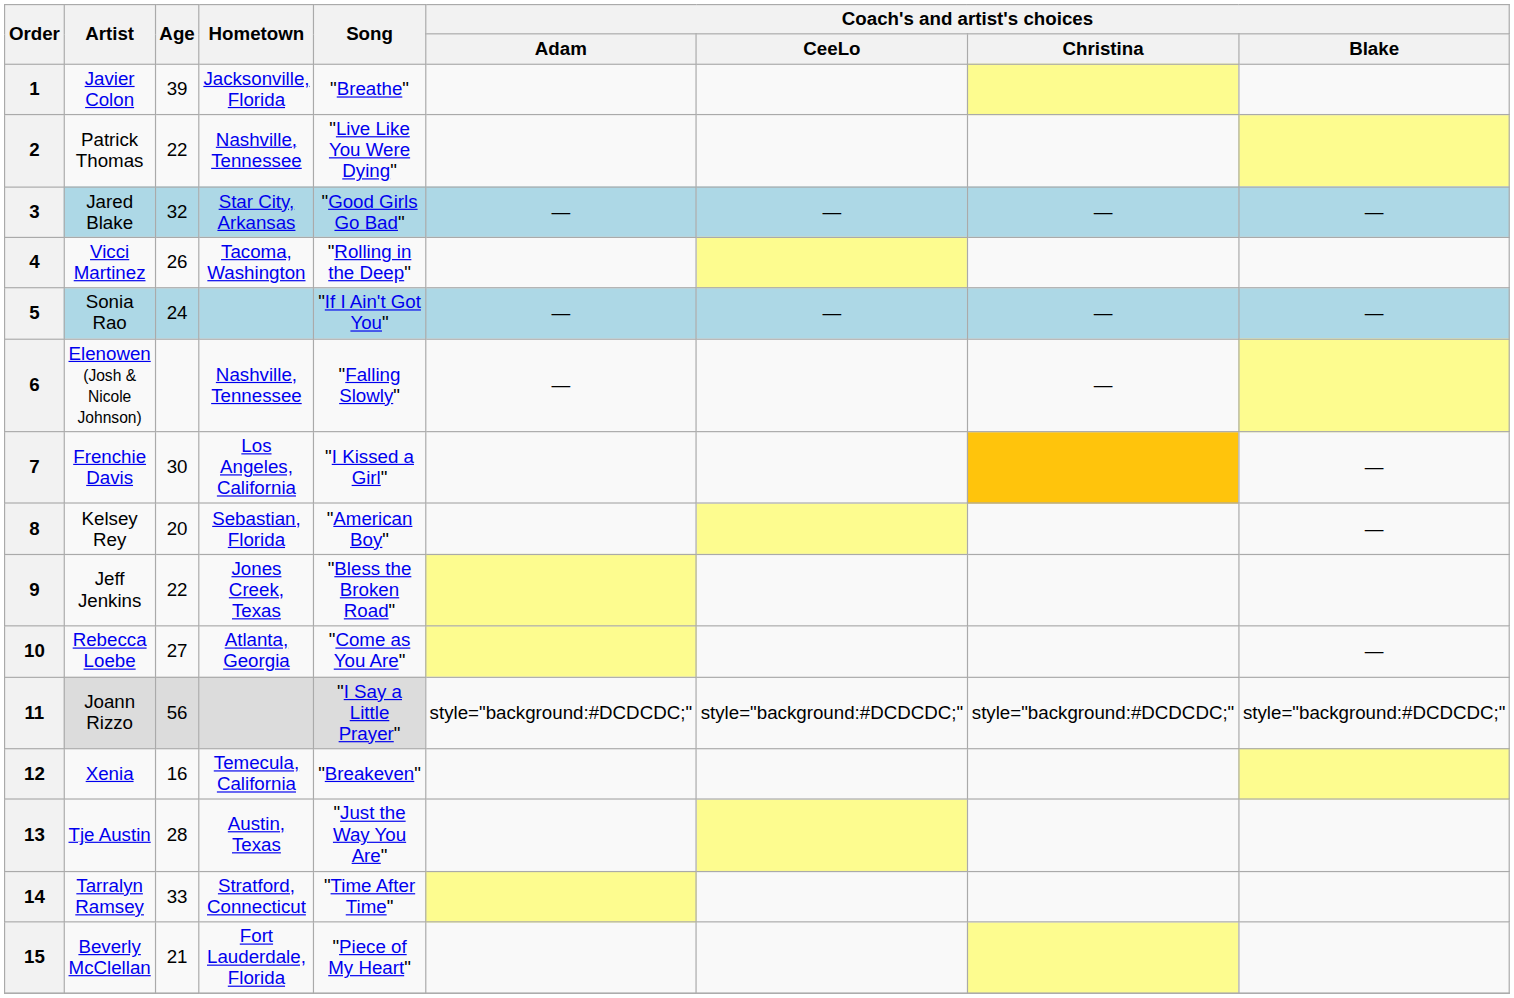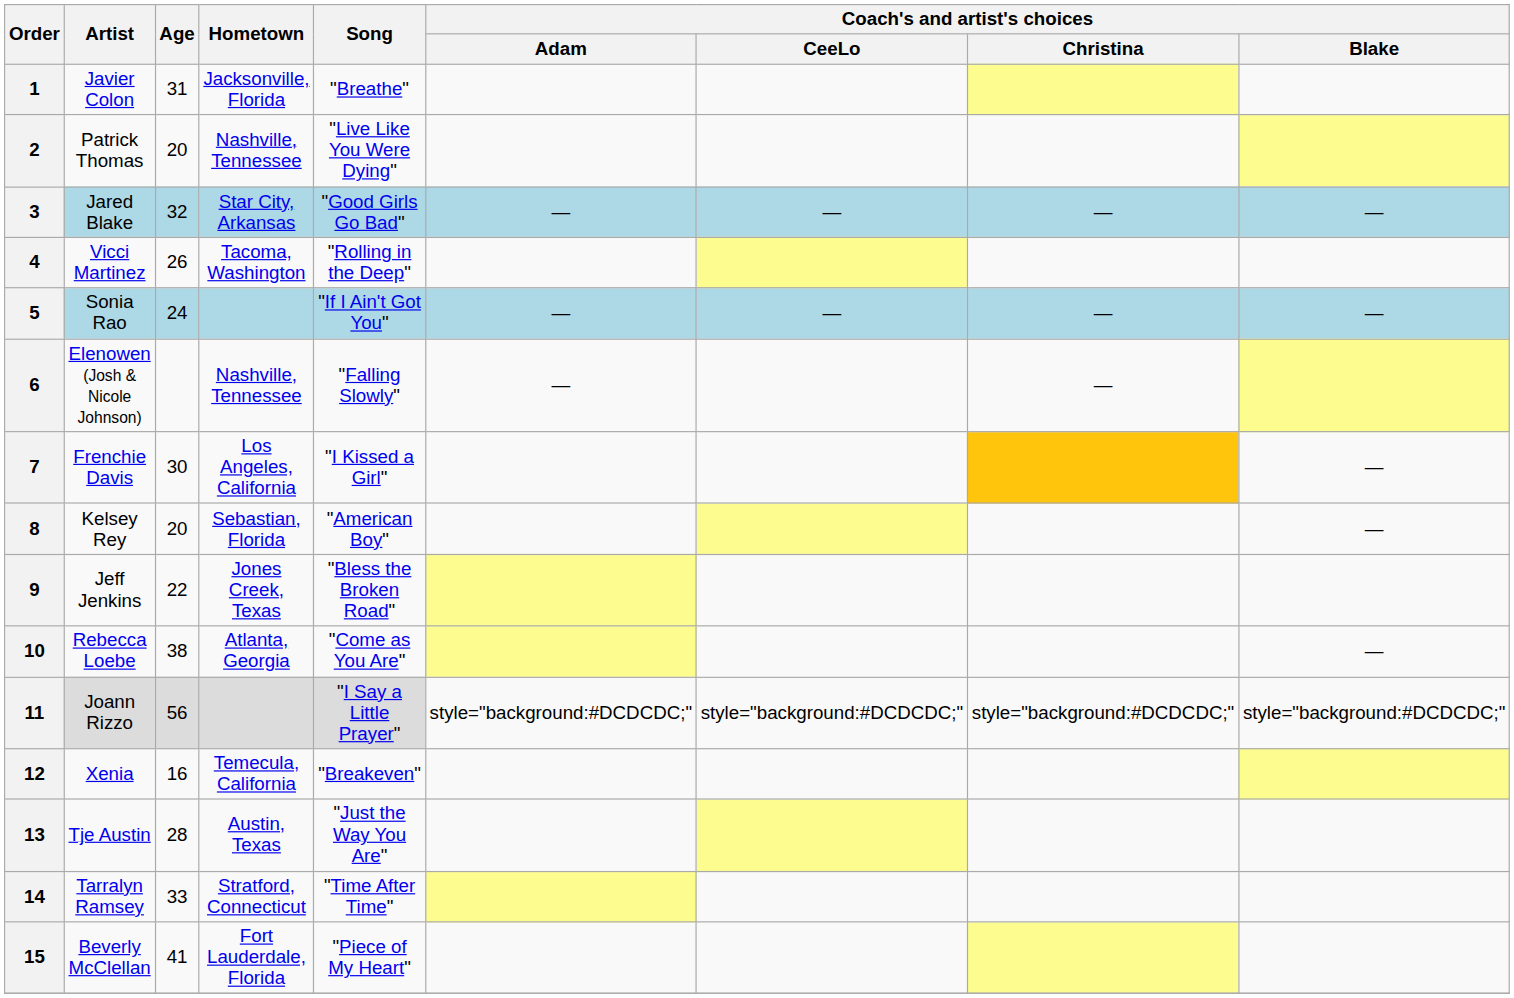 <table class="wikitable" style="text-align:center; width:100%;">
 <tr>
 <th scope="col" rowspan="2" width="05%">Order</th>
 <th scope="col" rowspan="2" width="20%">Artist</th>
 <th scope="col" rowspan="2" width="05%">Age</th>
 <th scope="col" rowspan="2" width="18%">Hometown</th>
 <th scope="col" rowspan="2" width="20%">Song</th>
 <th scope="col" colspan="4" width="32%">Coach's and artist's choices</th>
 </tr>
 <tr>
 <th width="08%">Adam</th>
 <th width="08%">CeeLo</th>
 <th width="08%">Christina</th>
 <th width="08%">Blake</th>
 </tr>
 <tr>
 <th>1</th>
 <td><a href='#'>Javier Colon</a></td>
-<td>39</td>
+<td>31</td>
 <td><a href='#'>Jacksonville, Florida</a></td>
 <td>"<a href='#'>Breathe</a>"</td>
 <td></td>
 <td><strong></strong></td>
 <td style="background:#fdfc8f;"><strong></strong></td>
 <td></td>
 </tr>
 <tr>
 <th>2</th>
 <td>Patrick Thomas</td>
-<td>22</td>
+<td>20</td>
 <td><a href='#'>Nashville, Tennessee</a></td>
 <td>"<a href='#'>Live Like You Were Dying</a>"</td>
 <td><strong></strong></td>
 <td><strong></strong></td>
 <td></td>
 <td style="background:#fdfc8f;"><strong></strong></td>
 </tr>
 <tr>
 <th>3</th>
 <td style="background:lightblue;">Jared Blake</td>
 <td style="background:lightblue;">32</td>
 <td style="background:lightblue;"><a href='#'>Star City, Arkansas</a></td>
 <td style="background:lightblue;">"<a href='#'>Good Girls Go Bad</a>"</td>
 <td style="background:lightblue;">—</td>
 <td style="background:lightblue;">—</td>
 <td style="background:lightblue;">—</td>
 <td style="background:lightblue;">—</td>
 </tr>
 <tr>
 <th>4</th>
 <td><a href='#'>Vicci Martinez</a></td>
 <td>26</td>
 <td><a href='#'>Tacoma, Washington</a></td>
 <td>"<a href='#'>Rolling in the Deep</a>"</td>
 <td></td>
 <td style="background:#fdfc8f;"><strong></strong></td>
 <td><strong></strong></td>
 <td></td>
 </tr>
 <tr>
 <th>5</th>
 <td style="background:lightblue;">Sonia Rao</td>
 <td style="background:lightblue;">24</td>
 <td style="background:lightblue;"></td>
 <td style="background:lightblue;">"<a href='#'>If I Ain't Got You</a>"</td>
 <td style="background:lightblue;">—</td>
 <td style="background:lightblue;">—</td>
 <td style="background:lightblue;">—</td>
 <td style="background:lightblue;">—</td>
 </tr>
 <tr>
 <th>6</th>
 <td><a href='#'>Elenowen</a> <small>(Josh & Nicole Johnson)</small></td>
 <td></td>
 <td><a href='#'>Nashville, Tennessee</a></td>
 <td>"<a href='#'>Falling Slowly</a>"</td>
 <td>—</td>
 <td><strong></strong></td>
 <td>—</td>
 <td style="background:#fdfc8f;"><strong></strong></td>
 </tr>
 <tr>
 <th>7</th>
 <td><a href='#'>Frenchie Davis</a></td>
 <td>30</td>
 <td><a href='#'>Los Angeles, California</a></td>
 <td>"<a href='#'>I Kissed a Girl</a>"</td>
 <td></td>
 <td></td>
 <td style="background:#FFC40C;"><strong></strong></td>
 <td>—</td>
 </tr>
 <tr>
 <th>8</th>
 <td>Kelsey Rey</td>
 <td>20</td>
 <td><a href='#'>Sebastian, Florida</a></td>
 <td>"<a href='#'>American Boy</a>"</td>
 <td><strong></strong></td>
 <td style="background:#fdfc8f;"><strong></strong></td>
 <td><strong></strong></td>
 <td>—</td>
 </tr>
 <tr>
 <th>9</th>
 <td>Jeff Jenkins</td>
 <td>22</td>
 <td><a href='#'>Jones Creek, Texas</a></td>
 <td>"<a href='#'>Bless the Broken Road</a>"</td>
 <td style="background:#fdfc8f;"><strong></strong></td>
 <td><strong></strong></td>
 <td><strong></strong></td>
 <td><strong></strong></td>
 </tr>
 <tr>
 <th>10</th>
 <td><a href='#'>Rebecca Loebe</a></td>
-<td>27</td>
+<td>38</td>
 <td><a href='#'>Atlanta, Georgia</a></td>
 <td>"<a href='#'>Come as You Are</a>"</td>
 <td style="background:#fdfc8f;"><strong></strong></td>
 <td></td>
 <td><strong></strong></td>
 <td>—</td>
 </tr>
 <tr>
 <th>11</th>
 <td style="background:#DCDCDC;">Joann Rizzo</td>
 <td style="background:#DCDCDC;">56</td>
 <td style="background:#DCDCDC;"></td>
 <td style="background:#DCDCDC;">"<a href='#'>I Say a Little Prayer</a>"</td>
 <td>style="background:#DCDCDC;"  </td>
 <td>style="background:#DCDCDC;"  </td>
 <td>style="background:#DCDCDC;"  </td>
 <td>style="background:#DCDCDC;"  </td>
 </tr>
 <tr>
 <th>12</th>
 <td><a href='#'>Xenia</a></td>
 <td>16</td>
 <td><a href='#'>Temecula, California</a></td>
 <td>"<a href='#'>Breakeven</a>"</td>
 <td></td>
 <td><strong></strong></td>
 <td></td>
 <td style="background:#fdfc8f;"><strong></strong></td>
 </tr>
 <tr>
 <th>13</th>
 <td><a href='#'>Tje Austin</a></td>
 <td>28</td>
 <td><a href='#'>Austin, Texas</a></td>
 <td>"<a href='#'>Just the Way You Are</a>"</td>
 <td><strong></strong></td>
 <td style="background:#fdfc8f;"><strong></strong></td>
 <td></td>
 <td></td>
 </tr>
 <tr>
 <th>14</th>
 <td><a href='#'>Tarralyn Ramsey</a></td>
 <td>33</td>
 <td><a href='#'>Stratford, Connecticut</a></td>
 <td>"<a href='#'>Time After Time</a>"</td>
 <td style="background:#fdfc8f;"><strong></strong></td>
 <td><strong></strong></td>
 <td><strong></strong></td>
 <td><strong></strong></td>
 </tr>
 <tr>
 <th>15</th>
 <td><a href='#'>Beverly McClellan</a></td>
-<td>21</td>
+<td>41</td>
 <td><a href='#'>Fort Lauderdale, Florida</a></td>
 <td>"<a href='#'>Piece of My Heart</a>"</td>
 <td><strong></strong></td>
 <td></td>
 <td style="background:#fdfc8f;"><strong></strong></td>
 <td></td>
 </tr>
 <tr>
 </tr>
 </table>
